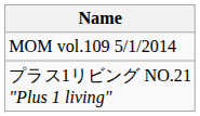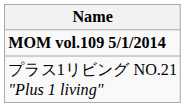 <table class="wikitable">
 <tr>
 <th>Name</th>
 </tr>
 <tr>
-<td>MOM vol.109 5/1/2014</td>
+<td><strong>MOM vol.109 5/1/2014</strong></td>
 </tr>
 <tr>
 <td>プラス1リビング NO.21<br><em>"Plus 1 living"</em></td>
 </tr>
 </table>
